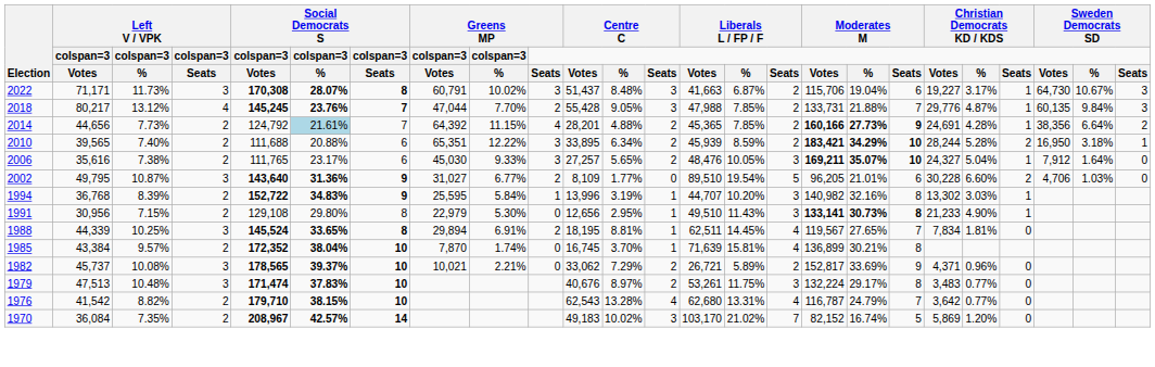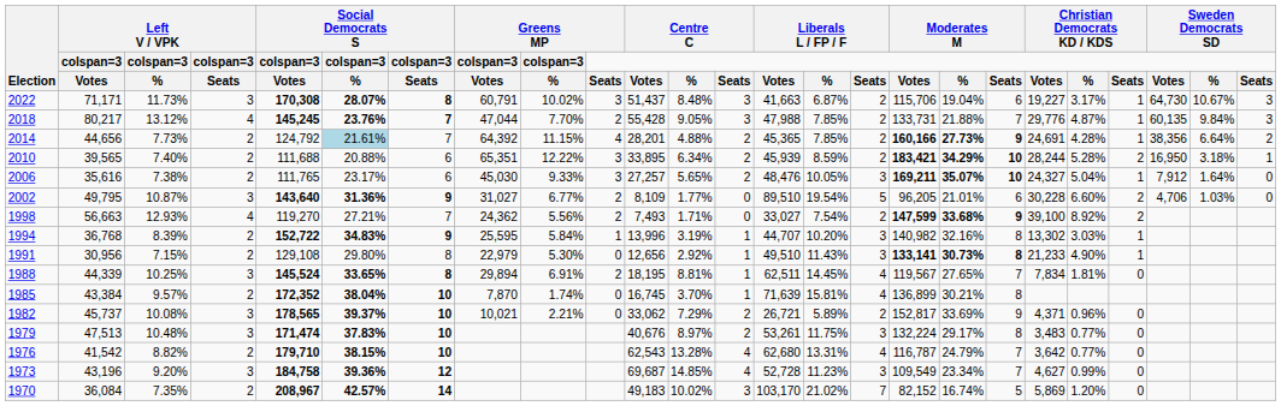 <table class="wikitable" border="1" style="font-size:95%; text-align:right;">
 <tr>
 <th style="text-align:left;" valign=bottom rowspan=3>Election</th>
 <th valign=bottom colspan=3><a href='#'>Left</a><br>V / VPK</th>
 <th valign=bottom colspan=3><a href='#'>Social<br>Democrats</a><br>S</th>
 <th valign=bottom colspan=3><a href='#'>Greens</a><br>MP</th>
 <th valign=bottom colspan=3><a href='#'>Centre</a><br>C</th>
 <th valign=bottom colspan=3><a href='#'>Liberals</a><br>L / FP / F</th>
 <th valign=bottom colspan=3><a href='#'>Moderates</a><br>M</th>
 <th valign=bottom colspan=3><a href='#'>Christian<br>Democrats</a><br>KD / KDS</th>
 <th valign=bottom colspan=3><a href='#'>Sweden<br>Democrats</a><br>SD</th>
 </tr>
 <tr>
 <th>colspan=3 </th>
 <th>colspan=3 </th>
 <th>colspan=3 </th>
 <th>colspan=3 </th>
 <th>colspan=3 </th>
 <th>colspan=3 </th>
 <th>colspan=3 </th>
 <th>colspan=3 </th>
 </tr>
 <tr>
 <th>Votes</th>
 <th>%</th>
 <th>Seats</th>
 <th>Votes</th>
 <th>%</th>
 <th>Seats</th>
 <th>Votes</th>
 <th>%</th>
 <th>Seats</th>
 <th>Votes</th>
 <th>%</th>
 <th>Seats</th>
 <th>Votes</th>
 <th>%</th>
 <th>Seats</th>
 <th>Votes</th>
 <th>%</th>
 <th>Seats</th>
 <th>Votes</th>
 <th>%</th>
 <th>Seats</th>
 <th>Votes</th>
 <th>%</th>
 <th>Seats</th>
 </tr>
 <tr>
 <td align=left><a href='#'>2022</a></td>
 <td>71,171</td>
 <td>11.73%</td>
 <td>3</td>
 <td><strong>170,308</strong></td>
 <td><strong>28.07%</strong></td>
 <td><strong>8</strong></td>
 <td>60,791</td>
 <td>10.02%</td>
 <td>3</td>
 <td>51,437</td>
 <td>8.48%</td>
 <td>3</td>
 <td>41,663</td>
 <td>6.87%</td>
 <td>2</td>
 <td>115,706</td>
 <td>19.04%</td>
 <td>6</td>
 <td>19,227</td>
 <td>3.17%</td>
 <td>1</td>
 <td>64,730</td>
 <td>10.67%</td>
 <td>3</td>
 </tr>
 <tr>
 <td align=left><a href='#'>2018</a></td>
 <td>80,217</td>
 <td>13.12%</td>
 <td>4</td>
 <td><strong>145,245</strong></td>
 <td><strong>23.76%</strong></td>
 <td><strong>7</strong></td>
 <td>47,044</td>
 <td>7.70%</td>
 <td>2</td>
 <td>55,428</td>
 <td>9.05%</td>
 <td>3</td>
 <td>47,988</td>
 <td>7.85%</td>
 <td>2</td>
 <td>133,731</td>
 <td>21.88%</td>
 <td>7</td>
 <td>29,776</td>
 <td>4.87%</td>
 <td>1</td>
 <td>60,135</td>
 <td>9.84%</td>
 <td>3</td>
 </tr>
 <tr>
 <td align=left><a href='#'>2014</a></td>
 <td>44,656</td>
 <td>7.73%</td>
 <td>2</td>
 <td>124,792</td>
 <td style="background: lightblue;">21.61%</td>
 <td>7</td>
 <td>64,392</td>
 <td>11.15%</td>
 <td>4</td>
 <td>28,201</td>
 <td>4.88%</td>
 <td>2</td>
 <td>45,365</td>
 <td>7.85%</td>
 <td>2</td>
 <td><strong>160,166</strong></td>
 <td><strong>27.73%</strong></td>
 <td><strong>9</strong></td>
 <td>24,691</td>
 <td>4.28%</td>
 <td>1</td>
 <td>38,356</td>
 <td>6.64%</td>
 <td>2</td>
 </tr>
 <tr>
 <td align=left><a href='#'>2010</a></td>
 <td>39,565</td>
 <td>7.40%</td>
 <td>2</td>
 <td>111,688</td>
 <td>20.88%</td>
 <td>6</td>
 <td>65,351</td>
 <td>12.22%</td>
 <td>3</td>
 <td>33,895</td>
 <td>6.34%</td>
 <td>2</td>
 <td>45,939</td>
 <td>8.59%</td>
 <td>2</td>
 <td><strong>183,421</strong></td>
 <td><strong>34.29%</strong></td>
 <td><strong>10</strong></td>
 <td>28,244</td>
 <td>5.28%</td>
 <td>2</td>
 <td>16,950</td>
 <td>3.18%</td>
 <td>1</td>
 </tr>
 <tr>
 <td align=left><a href='#'>2006</a></td>
 <td>35,616</td>
 <td>7.38%</td>
 <td>2</td>
 <td>111,765</td>
 <td>23.17%</td>
 <td>6</td>
 <td>45,030</td>
 <td>9.33%</td>
 <td>3</td>
 <td>27,257</td>
 <td>5.65%</td>
 <td>2</td>
 <td>48,476</td>
 <td>10.05%</td>
 <td>3</td>
 <td><strong>169,211</strong></td>
 <td><strong>35.07%</strong></td>
 <td><strong>10</strong></td>
 <td>24,327</td>
 <td>5.04%</td>
 <td>1</td>
 <td>7,912</td>
 <td>1.64%</td>
 <td>0</td>
 </tr>
 <tr>
 <td align=left><a href='#'>2002</a></td>
 <td>49,795</td>
 <td>10.87%</td>
 <td>3</td>
 <td><strong>143,640</strong></td>
 <td><strong>31.36%</strong></td>
 <td><strong>9</strong></td>
 <td>31,027</td>
 <td>6.77%</td>
 <td>2</td>
 <td>8,109</td>
 <td>1.77%</td>
 <td>0</td>
 <td>89,510</td>
 <td>19.54%</td>
 <td>5</td>
 <td>96,205</td>
 <td>21.01%</td>
 <td>6</td>
 <td>30,228</td>
 <td>6.60%</td>
 <td>2</td>
 <td>4,706</td>
 <td>1.03%</td>
 <td>0</td>
 </tr>
 <tr>
+<td align=left><a href='#'>1998</a></td>
+<td>56,663</td>
+<td>12.93%</td>
+<td>4</td>
+<td>119,270</td>
+<td>27.21%</td>
+<td>7</td>
+<td>24,362</td>
+<td>5.56%</td>
+<td>2</td>
+<td>7,493</td>
+<td>1.71%</td>
+<td>0</td>
+<td>33,027</td>
+<td>7.54%</td>
+<td>2</td>
+<td><strong>147,599</strong></td>
+<td><strong>33.68%</strong></td>
+<td><strong>9</strong></td>
+<td>39,100</td>
+<td>8.92%</td>
+<td>2</td>
+<td></td>
+<td></td>
+<td></td>
+</tr>
+<tr>
 <td align=left><a href='#'>1994</a></td>
 <td>36,768</td>
 <td>8.39%</td>
 <td>2</td>
 <td><strong>152,722</strong></td>
 <td><strong>34.83%</strong></td>
 <td><strong>9</strong></td>
 <td>25,595</td>
 <td>5.84%</td>
 <td>1</td>
 <td>13,996</td>
 <td>3.19%</td>
 <td>1</td>
 <td>44,707</td>
 <td>10.20%</td>
 <td>3</td>
 <td>140,982</td>
 <td>32.16%</td>
 <td>8</td>
 <td>13,302</td>
 <td>3.03%</td>
 <td>1</td>
 <td></td>
 <td></td>
 <td></td>
 </tr>
 <tr>
 <td align=left><a href='#'>1991</a></td>
 <td>30,956</td>
 <td>7.15%</td>
 <td>2</td>
 <td>129,108</td>
 <td>29.80%</td>
 <td>8</td>
 <td>22,979</td>
 <td>5.30%</td>
 <td>0</td>
 <td>12,656</td>
-<td>2.95%</td>
+<td>2.92%</td>
 <td>1</td>
 <td>49,510</td>
 <td>11.43%</td>
 <td>3</td>
 <td><strong>133,141</strong></td>
 <td><strong>30.73%</strong></td>
 <td><strong>8</strong></td>
 <td>21,233</td>
 <td>4.90%</td>
 <td>1</td>
 <td></td>
 <td></td>
 <td></td>
 </tr>
 <tr>
 <td align=left><a href='#'>1988</a></td>
 <td>44,339</td>
 <td>10.25%</td>
 <td>3</td>
 <td><strong>145,524</strong></td>
 <td><strong>33.65%</strong></td>
 <td><strong>8</strong></td>
 <td>29,894</td>
 <td>6.91%</td>
 <td>2</td>
 <td>18,195</td>
 <td>8.81%</td>
 <td>1</td>
 <td>62,511</td>
 <td>14.45%</td>
 <td>4</td>
 <td>119,567</td>
 <td>27.65%</td>
 <td>7</td>
 <td>7,834</td>
 <td>1.81%</td>
 <td>0</td>
 <td></td>
 <td></td>
 <td></td>
 </tr>
 <tr>
 <td align=left><a href='#'>1985</a></td>
 <td>43,384</td>
 <td>9.57%</td>
 <td>2</td>
 <td><strong>172,352</strong></td>
 <td><strong>38.04%</strong></td>
 <td><strong>10</strong></td>
 <td>7,870</td>
 <td>1.74%</td>
 <td>0</td>
 <td>16,745</td>
 <td>3.70%</td>
 <td>1</td>
 <td>71,639</td>
 <td>15.81%</td>
 <td>4</td>
 <td>136,899</td>
 <td>30.21%</td>
 <td>8</td>
 <td></td>
 <td></td>
 <td></td>
 <td></td>
 <td></td>
 <td></td>
 </tr>
 <tr>
 <td align=left><a href='#'>1982</a></td>
 <td>45,737</td>
 <td>10.08%</td>
 <td>3</td>
 <td><strong>178,565</strong></td>
 <td><strong>39.37%</strong></td>
 <td><strong>10</strong></td>
 <td>10,021</td>
 <td>2.21%</td>
 <td>0</td>
 <td>33,062</td>
 <td>7.29%</td>
 <td>2</td>
 <td>26,721</td>
 <td>5.89%</td>
 <td>2</td>
 <td>152,817</td>
 <td>33.69%</td>
 <td>9</td>
 <td>4,371</td>
 <td>0.96%</td>
 <td>0</td>
 <td></td>
 <td></td>
 <td></td>
 </tr>
 <tr>
 <td align=left><a href='#'>1979</a></td>
 <td>47,513</td>
 <td>10.48%</td>
 <td>3</td>
 <td><strong>171,474</strong></td>
 <td><strong>37.83%</strong></td>
 <td><strong>10</strong></td>
 <td></td>
 <td></td>
 <td></td>
 <td>40,676</td>
 <td>8.97%</td>
 <td>2</td>
 <td>53,261</td>
 <td>11.75%</td>
 <td>3</td>
 <td>132,224</td>
 <td>29.17%</td>
 <td>8</td>
 <td>3,483</td>
 <td>0.77%</td>
 <td>0</td>
 <td></td>
 <td></td>
 <td></td>
 </tr>
 <tr>
 <td align=left><a href='#'>1976</a></td>
 <td>41,542</td>
 <td>8.82%</td>
 <td>2</td>
 <td><strong>179,710</strong></td>
 <td><strong>38.15%</strong></td>
 <td><strong>10</strong></td>
 <td></td>
 <td></td>
 <td></td>
 <td>62,543</td>
 <td>13.28%</td>
 <td>4</td>
 <td>62,680</td>
 <td>13.31%</td>
 <td>4</td>
 <td>116,787</td>
 <td>24.79%</td>
 <td>7</td>
 <td>3,642</td>
 <td>0.77%</td>
 <td>0</td>
 <td></td>
 <td></td>
 <td></td>
 </tr>
 <tr>
+<td align=left><a href='#'>1973</a></td>
+<td>43,196</td>
+<td>9.20%</td>
+<td>3</td>
+<td><strong>184,758</strong></td>
+<td><strong>39.36%</strong></td>
+<td><strong>12</strong></td>
+<td></td>
+<td></td>
+<td></td>
+<td>69,687</td>
+<td>14.85%</td>
+<td>4</td>
+<td>52,728</td>
+<td>11.23%</td>
+<td>3</td>
+<td>109,549</td>
+<td>23.34%</td>
+<td>7</td>
+<td>4,627</td>
+<td>0.99%</td>
+<td>0</td>
+<td></td>
+<td></td>
+<td></td>
+</tr>
+<tr>
 <td align=left><a href='#'>1970</a></td>
 <td>36,084</td>
 <td>7.35%</td>
 <td>2</td>
 <td><strong>208,967</strong></td>
 <td><strong>42.57%</strong></td>
 <td><strong>14</strong></td>
 <td></td>
 <td></td>
 <td></td>
 <td>49,183</td>
 <td>10.02%</td>
 <td>3</td>
 <td>103,170</td>
 <td>21.02%</td>
 <td>7</td>
 <td>82,152</td>
 <td>16.74%</td>
 <td>5</td>
 <td>5,869</td>
 <td>1.20%</td>
 <td>0</td>
 <td></td>
 <td></td>
 <td></td>
 </tr>
 </table>
